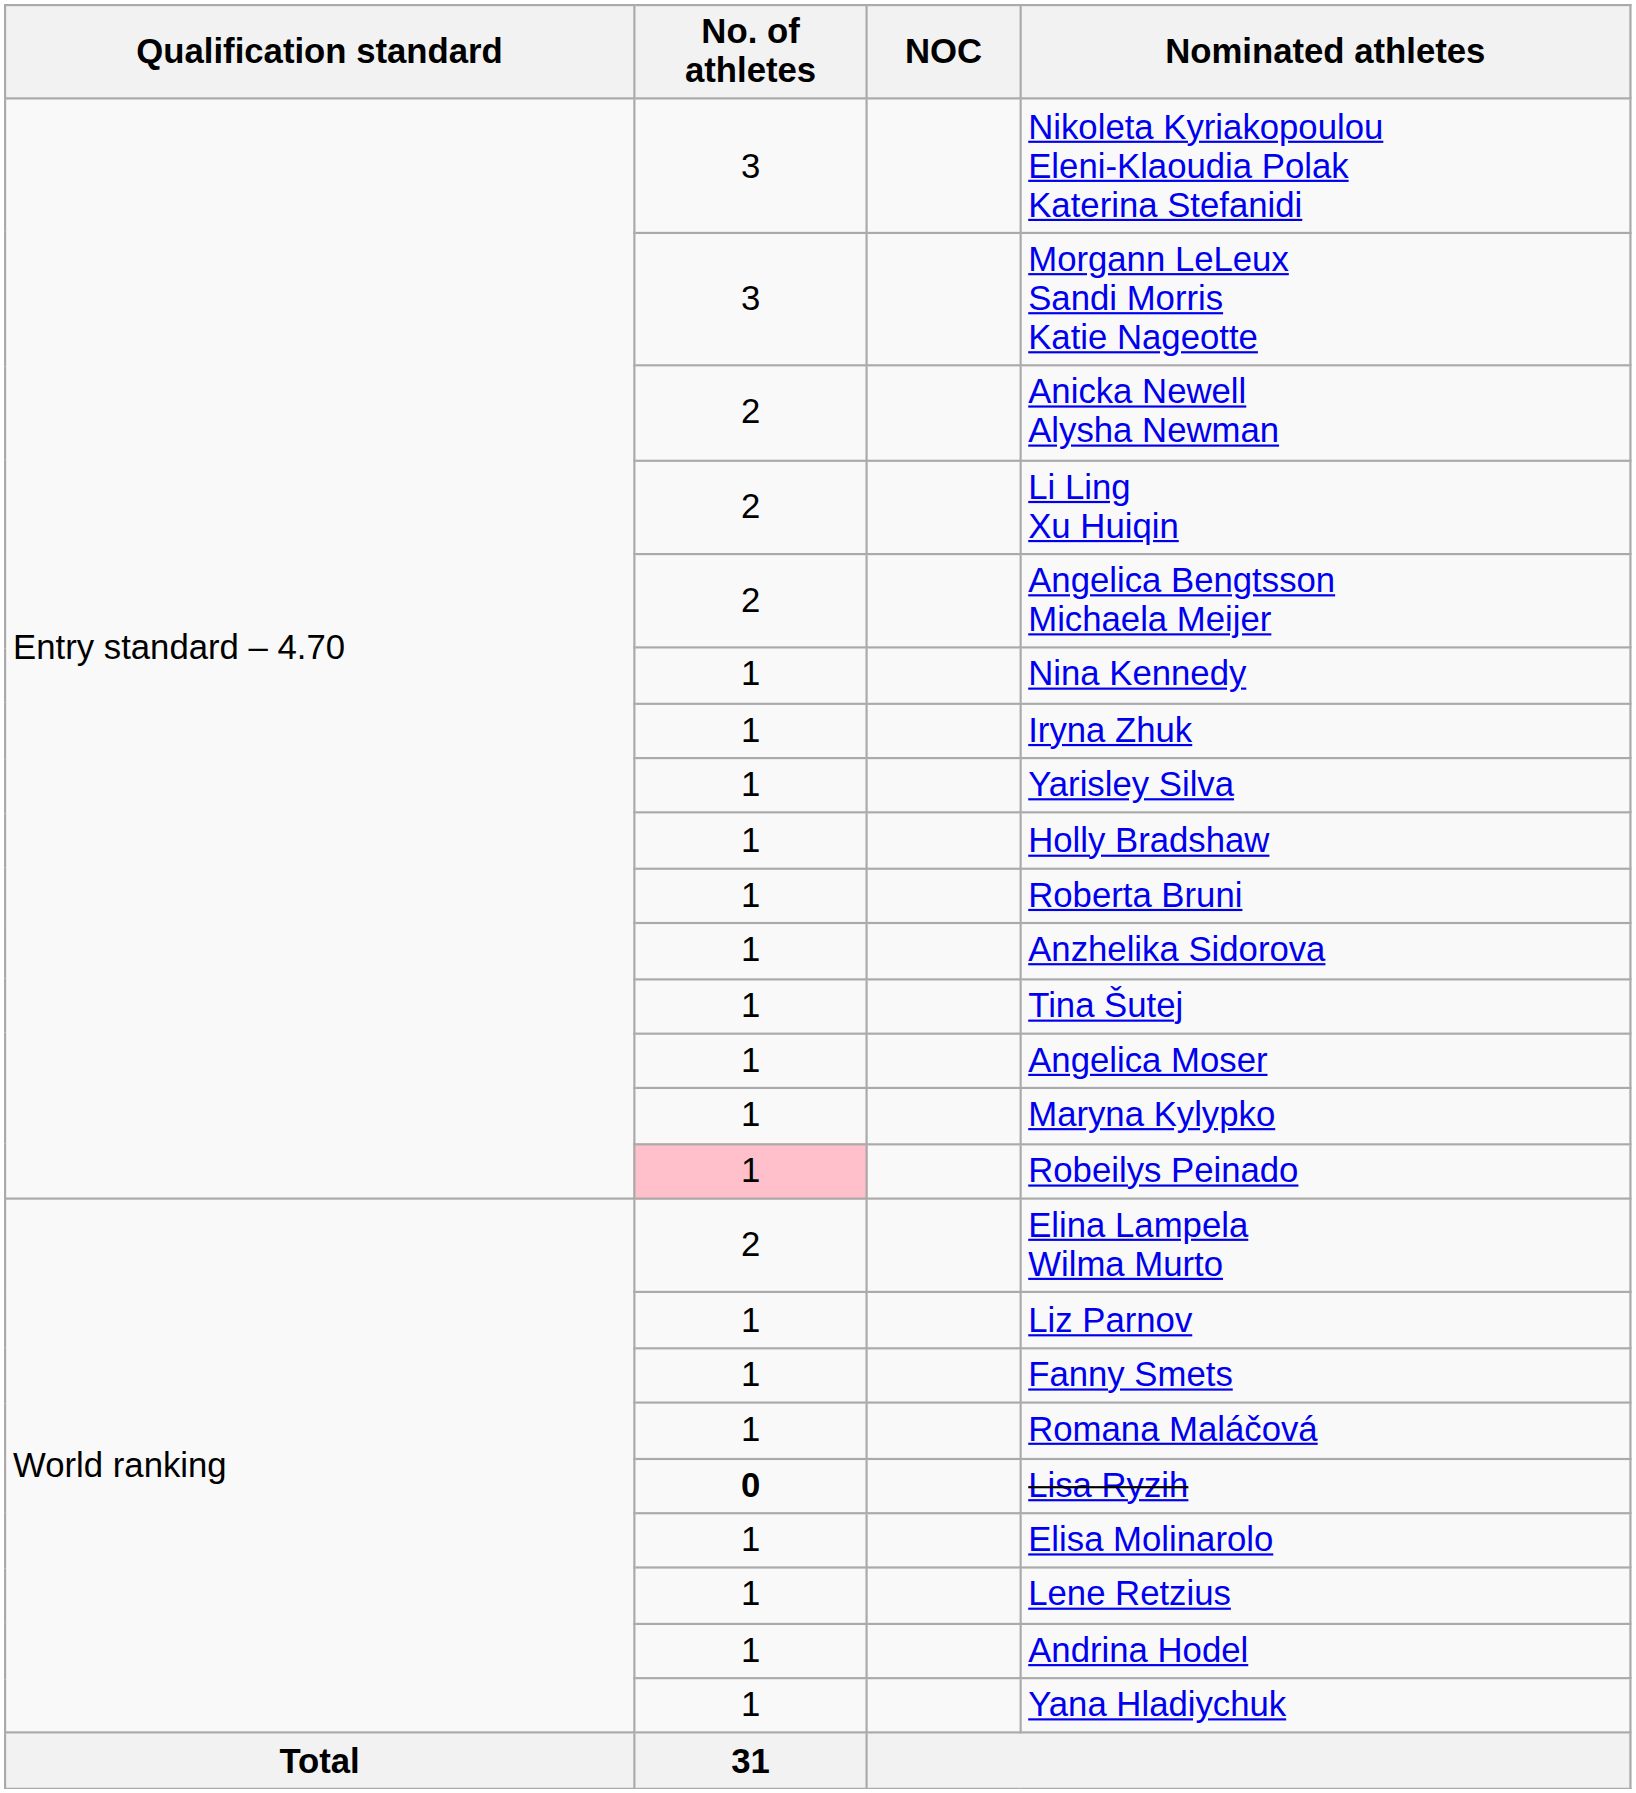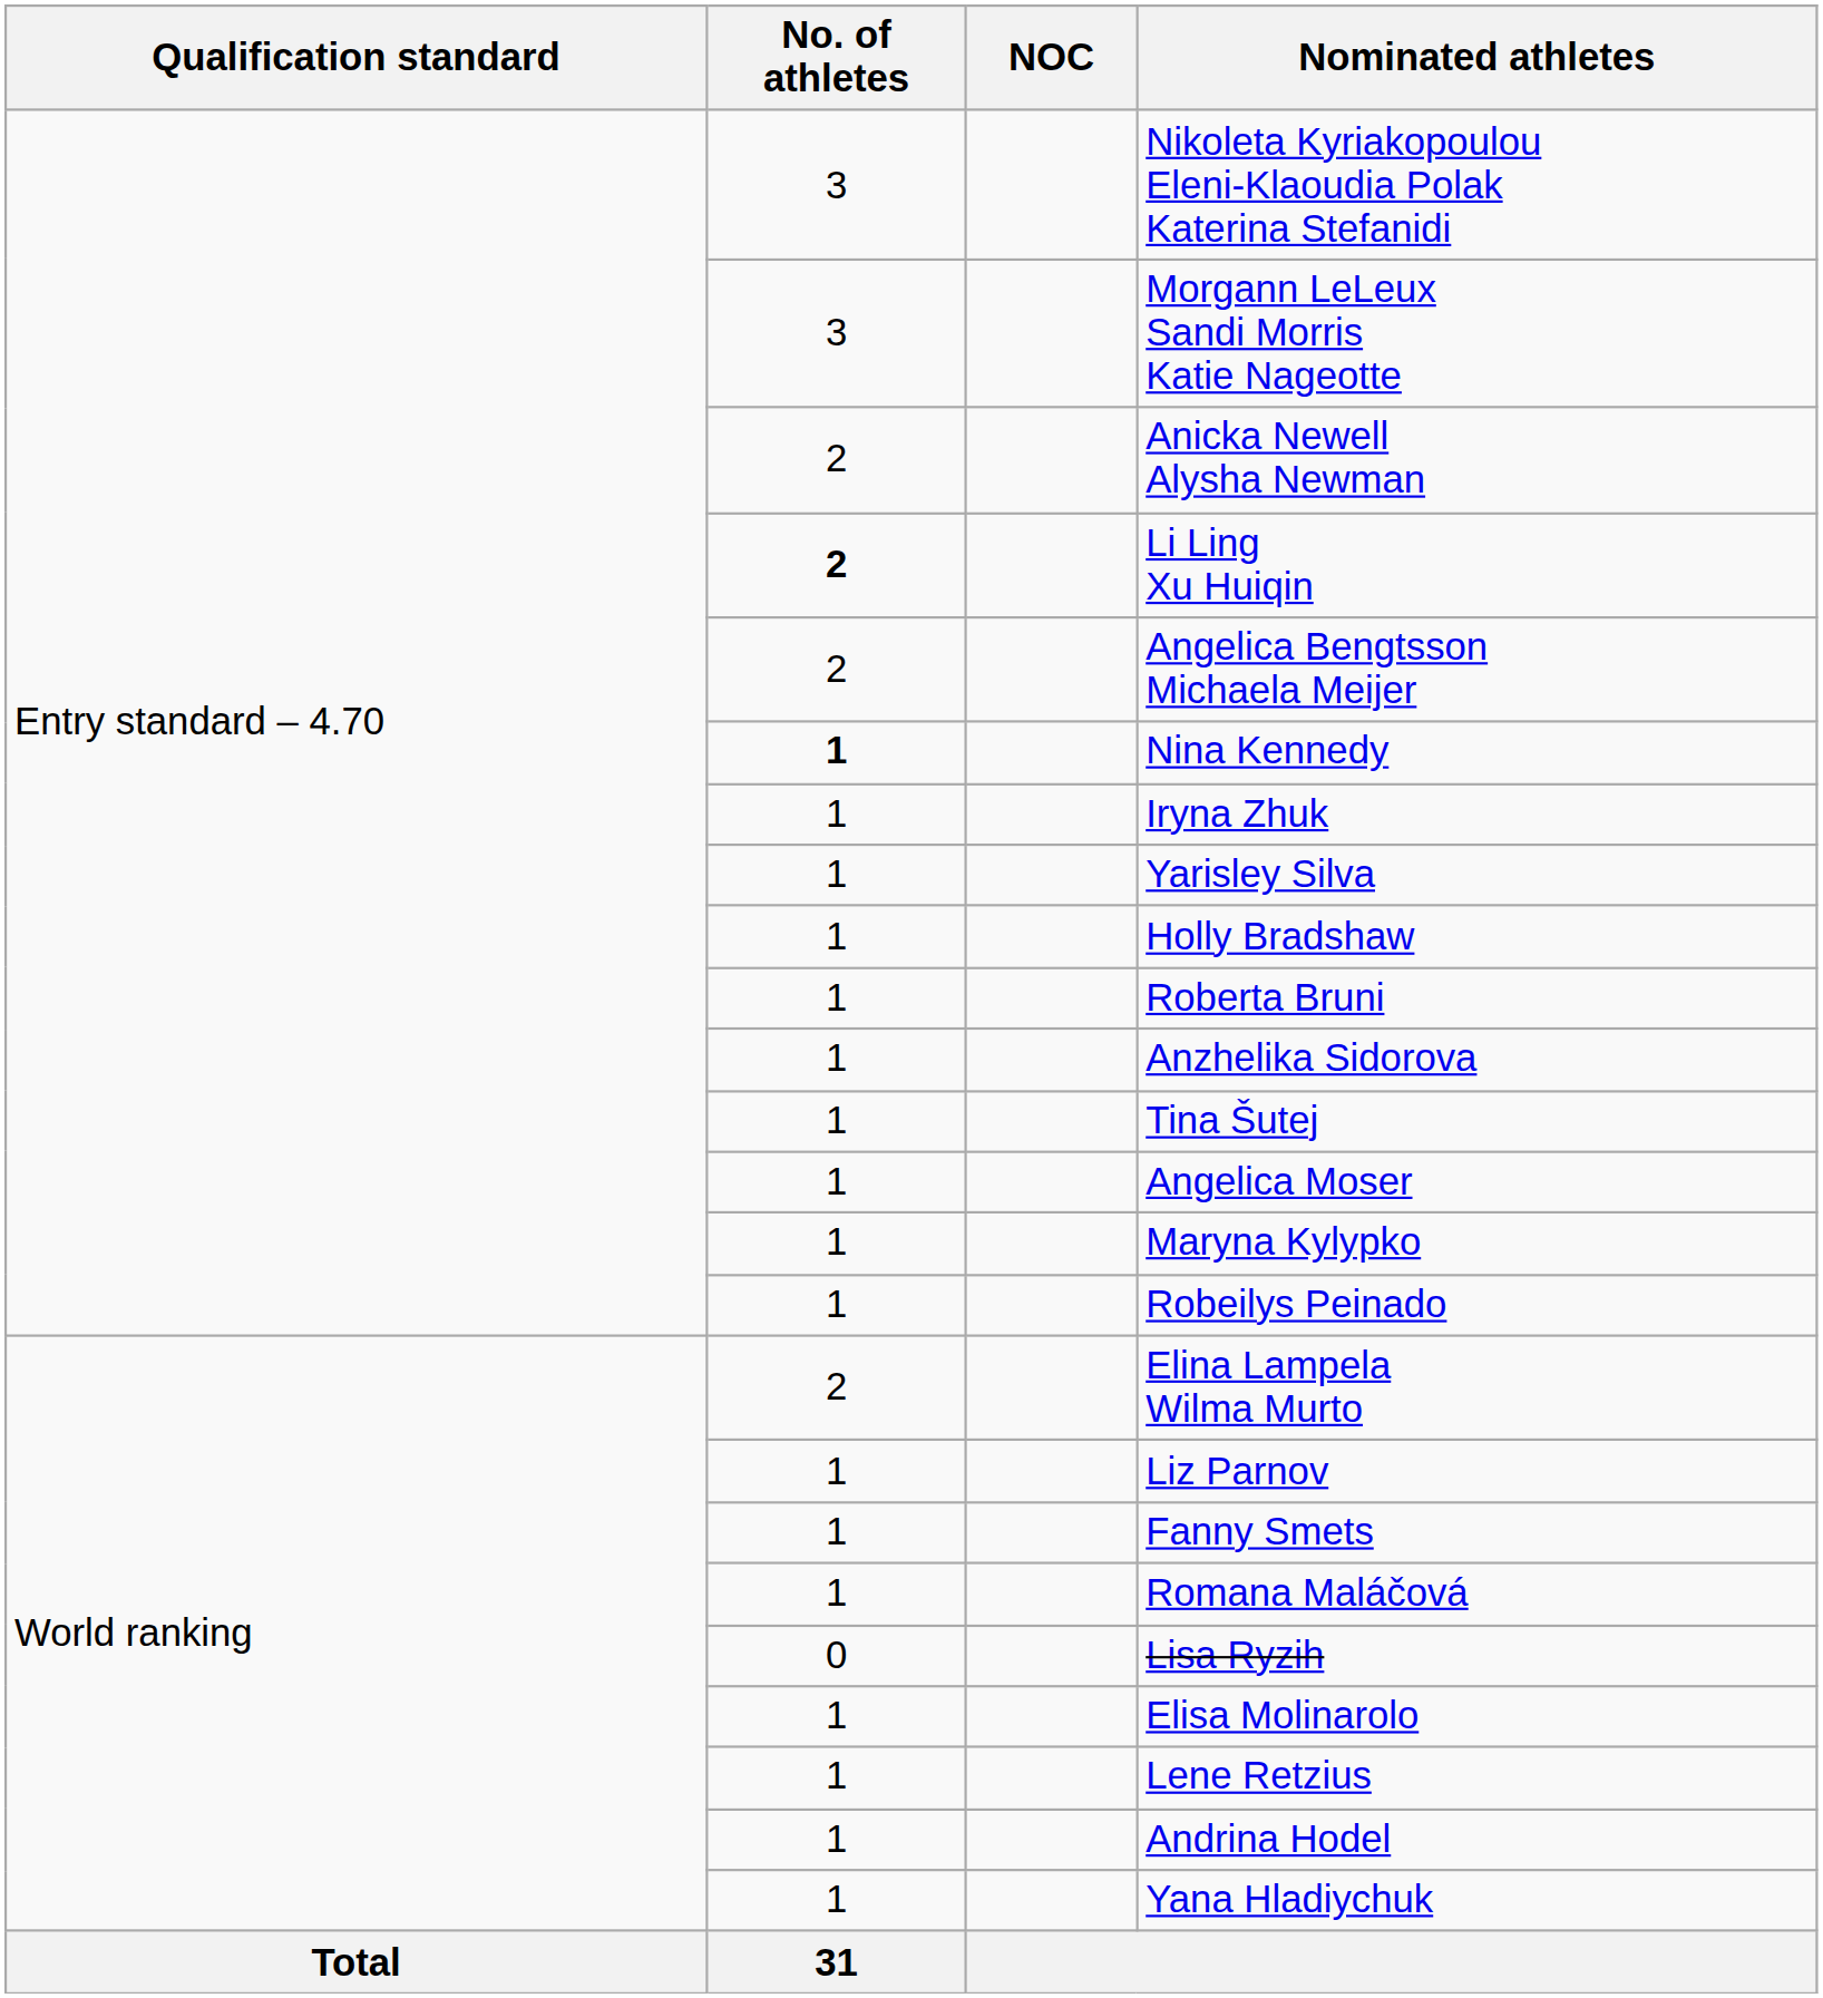 <table class="wikitable" style="text-align:left; width:750px;">
 <tr>
 <th>Qualification standard</th>
 <th width=100>No. of athletes</th>
 <th>NOC</th>
 <th>Nominated athletes</th>
 </tr>
 <tr>
 <td rowspan=15>Entry standard – 4.70</td>
 <td align=center>3</td>
 <td></td>
 <td><a href='#'>Nikoleta Kyriakopoulou</a><br><a href='#'>Eleni-Klaoudia Polak</a><br><a href='#'>Katerina Stefanidi</a></td>
 </tr>
 <tr>
 <td align=center>3</td>
 <td></td>
 <td><a href='#'>Morgann LeLeux</a><br><a href='#'>Sandi Morris</a><br><a href='#'>Katie Nageotte</a></td>
 </tr>
 <tr>
 <td align=center>2</td>
 <td></td>
 <td><a href='#'>Anicka Newell</a><br><a href='#'>Alysha Newman</a></td>
 </tr>
 <tr>
-<td align=center>2</td>
+<td align=center><strong>2</strong></td>
 <td></td>
 <td><a href='#'>Li Ling</a><br><a href='#'>Xu Huiqin</a></td>
 </tr>
 <tr>
 <td align=center>2</td>
 <td></td>
 <td><a href='#'>Angelica Bengtsson</a><br><a href='#'>Michaela Meijer</a></td>
 </tr>
 <tr>
-<td align=center>1</td>
+<td align=center><strong>1</strong></td>
 <td></td>
 <td><a href='#'>Nina Kennedy</a></td>
 </tr>
 <tr>
 <td align=center>1</td>
 <td></td>
 <td><a href='#'>Iryna Zhuk</a></td>
 </tr>
 <tr>
 <td align=center>1</td>
 <td></td>
 <td><a href='#'>Yarisley Silva</a></td>
 </tr>
 <tr>
 <td align=center>1</td>
 <td></td>
 <td><a href='#'>Holly Bradshaw</a></td>
 </tr>
 <tr>
 <td align=center>1</td>
 <td></td>
 <td><a href='#'>Roberta Bruni</a></td>
 </tr>
 <tr>
 <td align=center>1</td>
 <td></td>
 <td><a href='#'>Anzhelika Sidorova</a></td>
 </tr>
 <tr>
 <td align=center>1</td>
 <td></td>
 <td><a href='#'>Tina Šutej</a></td>
 </tr>
 <tr>
 <td align=center>1</td>
 <td></td>
 <td><a href='#'>Angelica Moser</a></td>
 </tr>
 <tr>
 <td align=center>1</td>
 <td></td>
 <td><a href='#'>Maryna Kylypko</a></td>
 </tr>
 <tr>
-<td align=center style="background: pink;">1</td>
+<td align=center>1</td>
 <td></td>
 <td><a href='#'>Robeilys Peinado</a></td>
 </tr>
 <tr>
 <td rowspan=9>World ranking</td>
 <td align=center>2</td>
 <td></td>
 <td><a href='#'>Elina Lampela</a><br><a href='#'>Wilma Murto</a></td>
 </tr>
 <tr>
 <td align=center>1</td>
 <td></td>
 <td><a href='#'>Liz Parnov</a></td>
 </tr>
 <tr>
 <td align=center>1</td>
 <td></td>
 <td><a href='#'>Fanny Smets</a></td>
 </tr>
 <tr>
 <td align=center>1</td>
 <td></td>
 <td><a href='#'>Romana Maláčová</a></td>
 </tr>
 <tr>
-<td align=center><strong>0</strong></td>
+<td align=center>0</td>
 <td></td>
 <td><s><a href='#'>Lisa Ryzih</a></s></td>
 </tr>
 <tr>
 <td align=center>1</td>
 <td></td>
 <td><a href='#'>Elisa Molinarolo</a></td>
 </tr>
 <tr>
 <td align=center>1</td>
 <td></td>
 <td><a href='#'>Lene Retzius</a></td>
 </tr>
 <tr>
 <td align=center>1</td>
 <td></td>
 <td><a href='#'>Andrina Hodel</a></td>
 </tr>
 <tr>
 <td align=center>1</td>
 <td></td>
 <td><a href='#'>Yana Hladiychuk</a></td>
 </tr>
 <tr>
 <th>Total</th>
 <th>31</th>
 <th colspan=2></th>
 </tr>
 </table>
